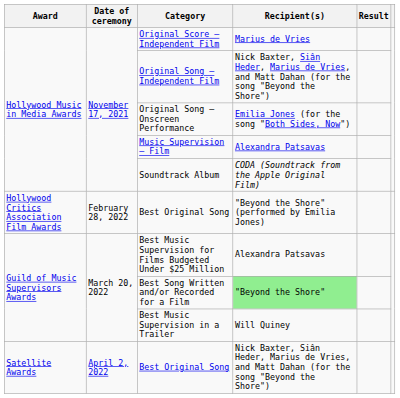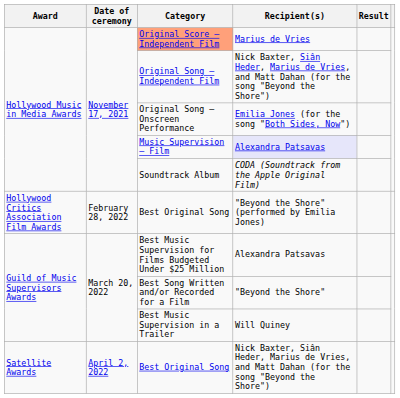 <table class="wikitable plainrowheaders sortable">
 <tr>
 <th scope="col">Award</th>
 <th scope="col">Date of ceremony</th>
 <th scope="col">Category</th>
 <th scope="col">Recipient(s)</th>
 <th scope="col">Result</th>
 <th scope="col" class="unsortable"></th>
 </tr>
 <tr>
 <td rowspan="5"><a href='#'>Hollywood Music in Media Awards</a></td>
 <td rowspan="5"><a href='#'>November 17, 2021</a></td>
-<td><a href='#'>Original Score – Independent Film</a></td>
+<td style="background: lightsalmon;"><a href='#'>Original Score – Independent Film</a></td>
 <td><a href='#'>Marius de Vries</a></td>
 <td></td>
 <td rowspan="5" style="text-align:center;"><br></td>
 </tr>
 <tr>
 <td><a href='#'>Original Song – Independent Film</a></td>
 <td>Nick Baxter, <a href='#'>Siân Heder</a>, <a href='#'>Marius de Vries</a>, and Matt Dahan (for the song "Beyond the Shore")</td>
 <td></td>
 </tr>
 <tr>
 <td>Original Song – Onscreen Performance</td>
 <td><a href='#'>Emilia Jones</a> (for the song "<a href='#'>Both Sides, Now</a>")</td>
 <td></td>
 </tr>
 <tr>
 <td><a href='#'>Music Supervision – Film</a></td>
-<td><a href='#'>Alexandra Patsavas</a></td>
+<td style="background: lavender;"><a href='#'>Alexandra Patsavas</a></td>
 <td></td>
 </tr>
 <tr>
 <td>Soundtrack Album</td>
 <td><em>CODA (Soundtrack from the Apple Original Film)</em></td>
 <td></td>
 </tr>
 <tr>
 <td><a href='#'>Hollywood Critics Association Film Awards</a></td>
 <td>February 28, 2022</td>
 <td>Best Original Song</td>
 <td>"Beyond the Shore" (performed by Emilia Jones)</td>
 <td></td>
 <td style="text-align:center;"></td>
 </tr>
 <tr>
 <td rowspan="3"><a href='#'>Guild of Music Supervisors Awards</a></td>
 <td rowspan="3">March 20, 2022</td>
 <td>Best Music Supervision for Films Budgeted Under $25 Million</td>
 <td>Alexandra Patsavas</td>
 <td></td>
 <td rowspan="3"  style="text-align:center;"><br></td>
 </tr>
 <tr>
 <td>Best Song Written and/or Recorded for a Film</td>
-<td style="background: lightgreen;">"Beyond the Shore"</td>
+<td>"Beyond the Shore"</td>
 <td></td>
 </tr>
 <tr>
 <td>Best Music Supervision in a Trailer</td>
 <td>Will Quiney</td>
 <td></td>
 </tr>
 <tr>
 <td><a href='#'>Satellite Awards</a></td>
 <td><a href='#'>April 2, 2022</a></td>
 <td><a href='#'>Best Original Song</a></td>
 <td>Nick Baxter, Siân Heder, Marius de Vries, and Matt Dahan (for the song "Beyond the Shore")</td>
 <td></td>
 <td style="text-align:center;"></td>
 </tr>
 </table>
